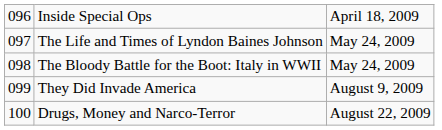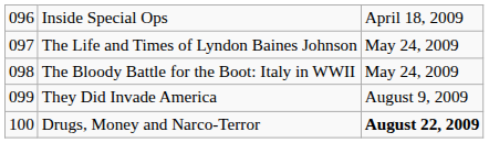 <table class="wikitable">
 <tr>
 <td>096</td>
 <td>Inside Special Ops</td>
 <td>April 18, 2009</td>
 </tr>
 <tr>
 <td>097</td>
 <td>The Life and Times of Lyndon Baines Johnson</td>
 <td>May 24, 2009</td>
 </tr>
 <tr>
 <td>098</td>
 <td>The Bloody Battle for the Boot: Italy in WWII</td>
 <td>May 24, 2009</td>
 </tr>
 <tr>
 <td>099</td>
 <td>They Did Invade America</td>
 <td>August 9, 2009</td>
 </tr>
 <tr>
 <td>100</td>
 <td>Drugs, Money and Narco-Terror</td>
-<td>August 22, 2009</td>
+<td><strong>August 22, 2009</strong></td>
 </tr>
 </table>
